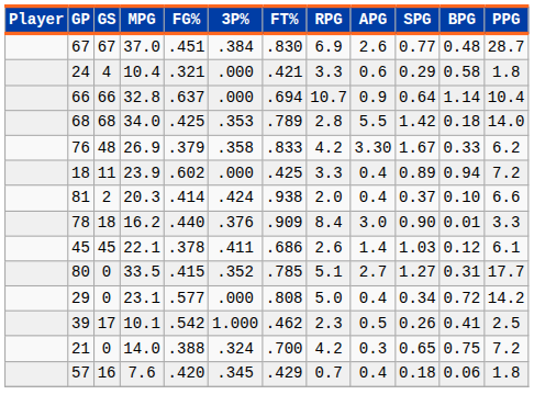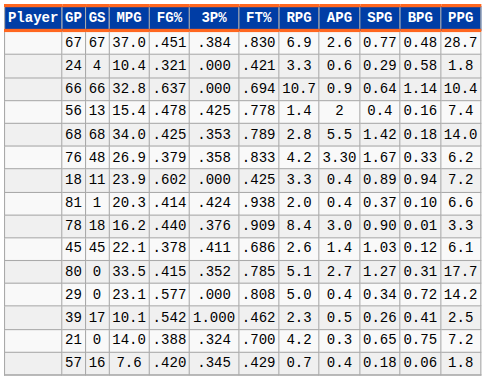 <table class="wikitable sortable" style="text-align:right;">
 <tr>
 <th style="background:#003DA5; color:#FFFFFF; border-top:#FF6720 3px solid; border-bottom:#FF6720 3px solid;">Player</th>
 <th style="background:#003DA5; color:#FFFFFF; border-top:#FF6720 3px solid; border-bottom:#FF6720 3px solid;">GP</th>
 <th style="background:#003DA5; color:#FFFFFF; border-top:#FF6720 3px solid; border-bottom:#FF6720 3px solid;">GS</th>
 <th style="background:#003DA5; color:#FFFFFF; border-top:#FF6720 3px solid; border-bottom:#FF6720 3px solid;">MPG</th>
 <th style="background:#003DA5; color:#FFFFFF; border-top:#FF6720 3px solid; border-bottom:#FF6720 3px solid;">FG%</th>
 <th style="background:#003DA5; color:#FFFFFF; border-top:#FF6720 3px solid; border-bottom:#FF6720 3px solid;">3P%</th>
 <th style="background:#003DA5; color:#FFFFFF; border-top:#FF6720 3px solid; border-bottom:#FF6720 3px solid;">FT%</th>
 <th style="background:#003DA5; color:#FFFFFF; border-top:#FF6720 3px solid; border-bottom:#FF6720 3px solid;">RPG</th>
 <th style="background:#003DA5; color:#FFFFFF; border-top:#FF6720 3px solid; border-bottom:#FF6720 3px solid;">APG</th>
 <th style="background:#003DA5; color:#FFFFFF; border-top:#FF6720 3px solid; border-bottom:#FF6720 3px solid;">SPG</th>
 <th style="background:#003DA5; color:#FFFFFF; border-top:#FF6720 3px solid; border-bottom:#FF6720 3px solid;">BPG</th>
 <th style="background:#003DA5; color:#FFFFFF; border-top:#FF6720 3px solid; border-bottom:#FF6720 3px solid;">PPG</th>
 </tr>
 <tr align="center" bgcolor="">
 <td></td>
 <td>67</td>
 <td>67</td>
 <td>37.0</td>
 <td>.451</td>
 <td>.384</td>
 <td>.830</td>
 <td>6.9</td>
 <td>2.6</td>
 <td>0.77</td>
 <td>0.48</td>
 <td>28.7</td>
 </tr>
 <tr align="center" bgcolor="#f0f0f0">
 <td></td>
 <td>24</td>
 <td>4</td>
 <td>10.4</td>
 <td>.321</td>
 <td>.000</td>
 <td>.421</td>
 <td>3.3</td>
 <td>0.6</td>
 <td>0.29</td>
 <td>0.58</td>
 <td>1.8</td>
 </tr>
 <tr align="center" bgcolor="#f0f0f0">
 <td></td>
 <td>66</td>
 <td>66</td>
 <td>32.8</td>
 <td>.637</td>
 <td>.000</td>
 <td>.694</td>
 <td>10.7</td>
 <td>0.9</td>
 <td>0.64</td>
 <td>1.14</td>
 <td>10.4</td>
 </tr>
+<tr align="center" bgcolor="">
+<td></td>
+<td>56</td>
+<td>13</td>
+<td>15.4</td>
+<td>.478</td>
+<td>.425</td>
+<td>.778</td>
+<td>1.4</td>
+<td>2</td>
+<td>0.4</td>
+<td>0.16</td>
+<td>7.4</td>
+</tr>
 <tr align="center" bgcolor="#f0f0f0">
 <td></td>
 <td>68</td>
 <td>68</td>
 <td>34.0</td>
 <td>.425</td>
 <td>.353</td>
 <td>.789</td>
 <td>2.8</td>
 <td>5.5</td>
 <td>1.42</td>
 <td>0.18</td>
 <td>14.0</td>
 </tr>
 <tr align="center" bgcolor="">
 <td></td>
 <td>76</td>
 <td>48</td>
 <td>26.9</td>
 <td>.379</td>
 <td>.358</td>
 <td>.833</td>
 <td>4.2</td>
 <td>3.30</td>
 <td>1.67</td>
 <td>0.33</td>
 <td>6.2</td>
 </tr>
 <tr align="center" bgcolor="#f0f0f0">
 <td></td>
 <td>18</td>
 <td>11</td>
 <td>23.9</td>
 <td>.602</td>
 <td>.000</td>
 <td>.425</td>
 <td>3.3</td>
 <td>0.4</td>
 <td>0.89</td>
 <td>0.94</td>
 <td>7.2</td>
 </tr>
 <tr align="center" bgcolor="">
 <td></td>
 <td>81</td>
-<td>2</td>
+<td>1</td>
 <td>20.3</td>
 <td>.414</td>
 <td>.424</td>
 <td>.938</td>
 <td>2.0</td>
 <td>0.4</td>
 <td>0.37</td>
 <td>0.10</td>
 <td>6.6</td>
 </tr>
 <tr align="center" bgcolor="#f0f0f0">
 <td></td>
 <td>78</td>
 <td>18</td>
 <td>16.2</td>
 <td>.440</td>
 <td>.376</td>
 <td>.909</td>
 <td>8.4</td>
 <td>3.0</td>
 <td>0.90</td>
 <td>0.01</td>
 <td>3.3</td>
 </tr>
 <tr align="center" bgcolor="">
 <td></td>
 <td>45</td>
 <td>45</td>
 <td>22.1</td>
 <td>.378</td>
 <td>.411</td>
 <td>.686</td>
 <td>2.6</td>
 <td>1.4</td>
 <td>1.03</td>
 <td>0.12</td>
 <td>6.1</td>
 </tr>
 <tr align="center" bgcolor="#f0f0f0">
 <td></td>
 <td>80</td>
 <td>0</td>
 <td>33.5</td>
 <td>.415</td>
 <td>.352</td>
 <td>.785</td>
 <td>5.1</td>
 <td>2.7</td>
 <td>1.27</td>
 <td>0.31</td>
 <td>17.7</td>
 </tr>
 <tr align="center" bgcolor="">
 <td></td>
 <td>29</td>
 <td>0</td>
 <td>23.1</td>
 <td>.577</td>
 <td>.000</td>
 <td>.808</td>
 <td>5.0</td>
 <td>0.4</td>
 <td>0.34</td>
 <td>0.72</td>
 <td>14.2</td>
 </tr>
 <tr align="center" bgcolor="#f0f0f0">
 <td></td>
 <td>39</td>
 <td>17</td>
 <td>10.1</td>
 <td>.542</td>
 <td>1.000</td>
 <td>.462</td>
 <td>2.3</td>
 <td>0.5</td>
 <td>0.26</td>
 <td>0.41</td>
 <td>2.5</td>
 </tr>
 <tr align="center" bgcolor="">
 <td></td>
 <td>21</td>
 <td>0</td>
 <td>14.0</td>
 <td>.388</td>
 <td>.324</td>
 <td>.700</td>
 <td>4.2</td>
 <td>0.3</td>
 <td>0.65</td>
 <td>0.75</td>
 <td>7.2</td>
 </tr>
 <tr align="center" bgcolor="#f0f0f0">
 <td></td>
 <td>57</td>
 <td>16</td>
 <td>7.6</td>
 <td>.420</td>
 <td>.345</td>
 <td>.429</td>
 <td>0.7</td>
 <td>0.4</td>
 <td>0.18</td>
 <td>0.06</td>
 <td>1.8</td>
 </tr>
 <tr align="center" bgcolor="">
 </tr>
 </table>
